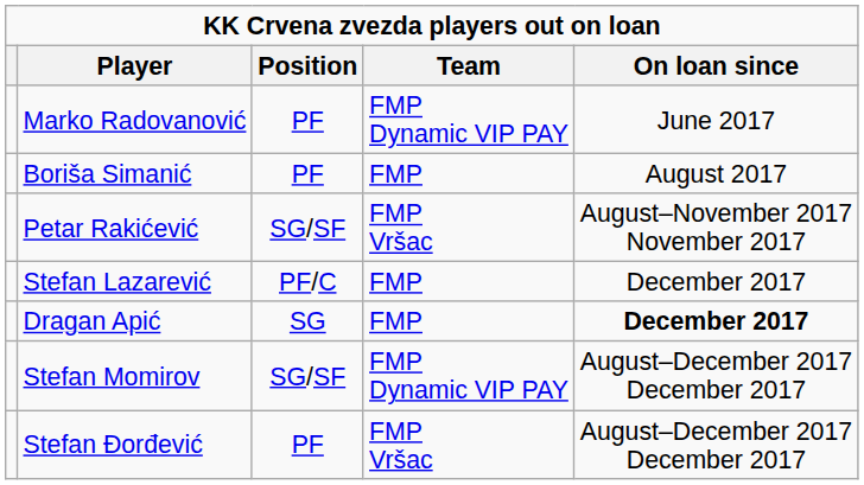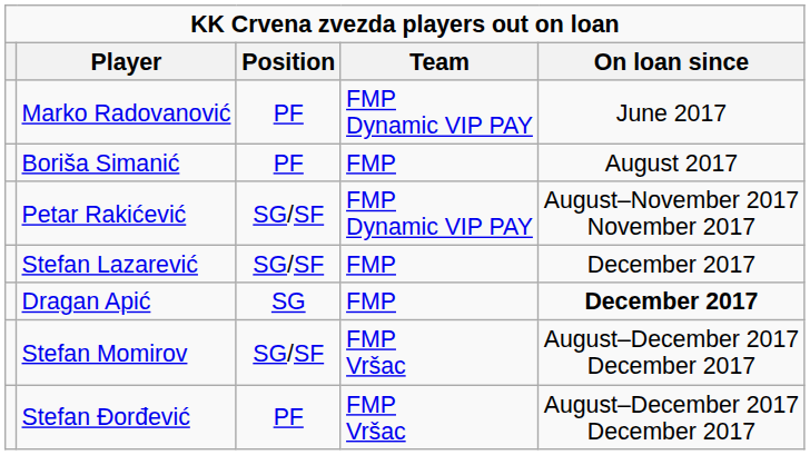 <table class="wikitable sortable" style="font-size: 95%; text-align:center;">
 <tr>
 <td colspan=6><strong>KK Crvena zvezda players out on loan</strong></td>
 </tr>
 <tr>
 <th></th>
 <th>Player</th>
 <th>Position</th>
 <th>Team</th>
 <th>On loan since</th>
 </tr>
 <tr>
 <td></td>
 <td style="text-align:left;"><a href='#'>Marko Radovanović</a></td>
 <td><a href='#'>PF</a></td>
 <td style="text-align:left;"> <a href='#'>FMP</a><br> <a href='#'>Dynamic VIP PAY</a></td>
 <td>June 2017</td>
 </tr>
 <tr>
 <td></td>
 <td style="text-align:left;"><a href='#'>Boriša Simanić</a></td>
 <td><a href='#'>PF</a></td>
 <td style="text-align:left;"> <a href='#'>FMP</a></td>
 <td>August 2017</td>
 </tr>
 <tr>
 <td></td>
 <td style="text-align:left;"><a href='#'>Petar Rakićević</a></td>
 <td><a href='#'>SG</a>/<a href='#'>SF</a></td>
-<td style="text-align:left;"> <a href='#'>FMP</a><br>  <a href='#'>Vršac</a></td>
+<td style="text-align:left;"> <a href='#'>FMP</a><br> <a href='#'>Dynamic VIP PAY</a></td>
 <td>August–November 2017<br>November 2017</td>
 </tr>
 <tr>
 <td></td>
 <td style="text-align:left;"><a href='#'>Stefan Lazarević</a></td>
-<td><a href='#'>PF</a>/<a href='#'>C</a></td>
+<td><a href='#'>SG</a>/<a href='#'>SF</a></td>
 <td style="text-align:left;"> <a href='#'>FMP</a></td>
 <td>December 2017</td>
 </tr>
 <tr>
 <td></td>
 <td style="text-align:left;"><a href='#'>Dragan Apić</a></td>
 <td><a href='#'>SG</a></td>
 <td style="text-align:left;"> <a href='#'>FMP</a></td>
 <td><strong>December 2017</strong></td>
 </tr>
 <tr>
 <td></td>
 <td style="text-align:left;"><a href='#'>Stefan Momirov</a></td>
 <td><a href='#'>SG</a>/<a href='#'>SF</a></td>
-<td style="text-align:left;"> <a href='#'>FMP</a><br> <a href='#'>Dynamic VIP PAY</a></td>
+<td style="text-align:left;"> <a href='#'>FMP</a><br>  <a href='#'>Vršac</a></td>
 <td>August–December 2017<br>December 2017</td>
 </tr>
 <tr>
 <td></td>
 <td style="text-align:left;"><a href='#'>Stefan Đorđević</a></td>
 <td><a href='#'>PF</a></td>
 <td style="text-align:left;"> <a href='#'>FMP</a><br> <a href='#'>Vršac</a></td>
 <td>August–December 2017<br>December 2017</td>
 </tr>
 </table>
